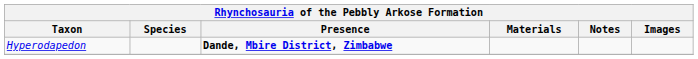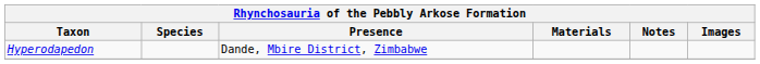 <table class="wikitable" align="center" width="100%">
 <tr>
 <th colspan="6" align="center"><strong><a href='#'>Rhynchosauria</a> of the Pebbly Arkose Formation</strong></th>
 </tr>
 <tr>
 <th>Taxon</th>
 <th>Species</th>
 <th>Presence</th>
 <th>Materials</th>
 <th>Notes</th>
 <th>Images</th>
 </tr>
 <tr>
 <td><em><a href='#'>Hyperodapedon</a></em></td>
 <td></td>
-<td><strong>Dande, <a href='#'>Mbire District</a>, <a href='#'>Zimbabwe</a></strong></td>
+<td>Dande, <a href='#'>Mbire District</a>, <a href='#'>Zimbabwe</a></td>
 <td></td>
 <td></td>
 <td></td>
 </tr>
 <tr>
 </tr>
 </table>
